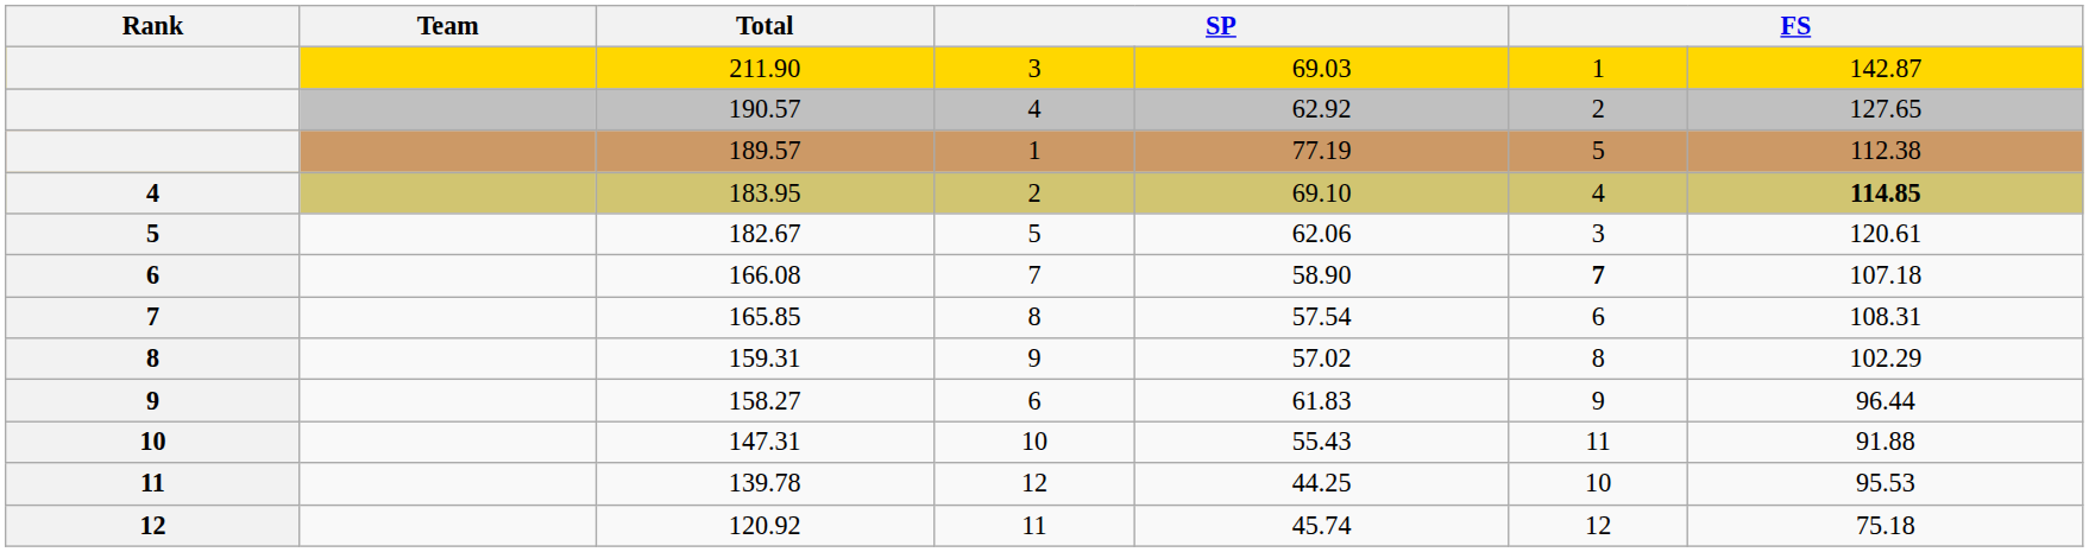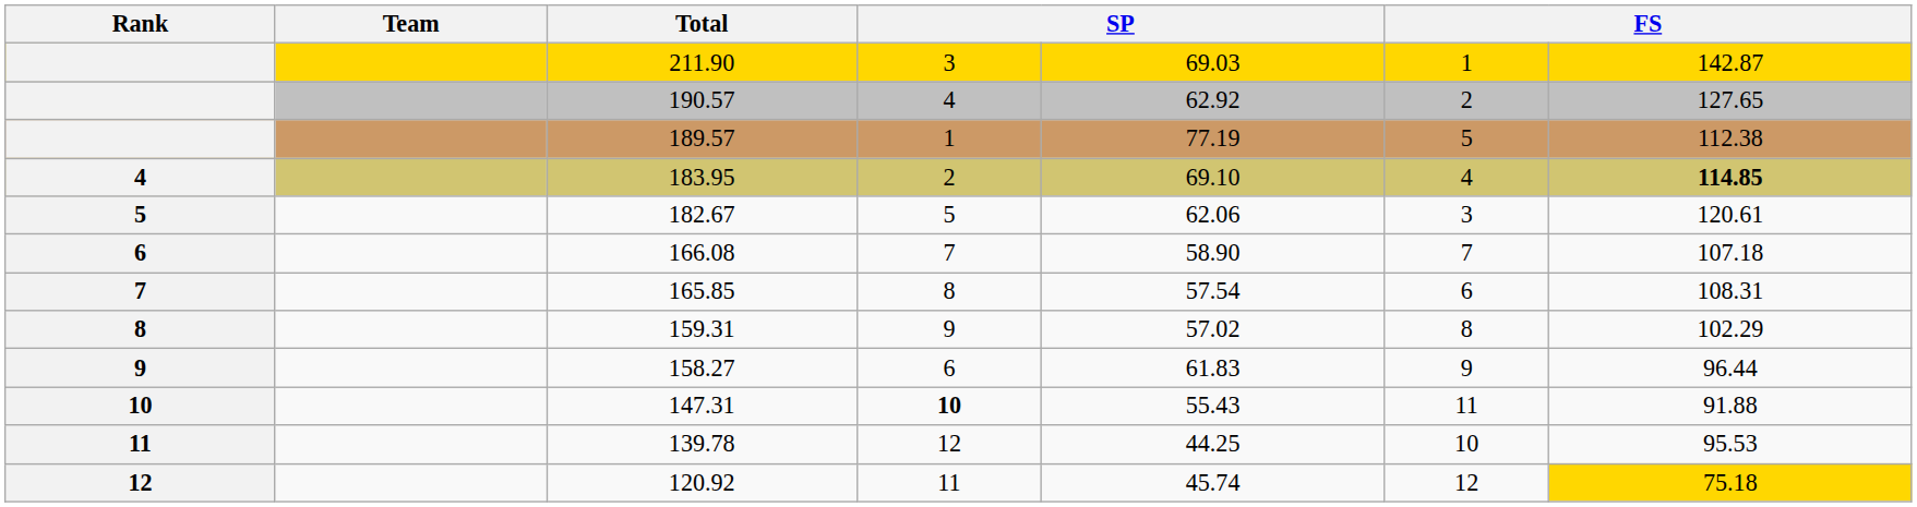 <table class="wikitable sortable" style="text-align:center; width:80%">
 <tr>
 <th scope="col">Rank</th>
 <th scope="col">Team</th>
 <th scope="col">Total</th>
 <th colspan="2" scope="col" width="80px"><a href='#'>SP</a></th>
 <th colspan="2" scope="col" width="80px"><a href='#'>FS</a></th>
 </tr>
 <tr bgcolor="gold">
 <th scope="row"></th>
 <td align="left"></td>
 <td>211.90</td>
 <td>3</td>
 <td>69.03</td>
 <td>1</td>
 <td>142.87</td>
 </tr>
 <tr bgcolor="silver">
 <th scope="row"></th>
 <td align="left"></td>
 <td>190.57</td>
 <td>4</td>
 <td>62.92</td>
 <td>2</td>
 <td>127.65</td>
 </tr>
 <tr bgcolor="cc9966">
 <th scope="row"></th>
 <td align="left"></td>
 <td>189.57</td>
 <td>1</td>
 <td>77.19</td>
 <td>5</td>
 <td>112.38</td>
 </tr>
 <tr bgcolor="#d1c571">
 <th scope="row">4</th>
 <td align="left"></td>
 <td>183.95</td>
 <td>2</td>
 <td>69.10</td>
 <td>4</td>
 <td><strong>114.85</strong></td>
 </tr>
 <tr>
 <th scope="row">5</th>
 <td align="left"></td>
 <td>182.67</td>
 <td>5</td>
 <td>62.06</td>
 <td>3</td>
 <td>120.61</td>
 </tr>
 <tr>
 <th scope="row">6</th>
 <td align="left"></td>
 <td>166.08</td>
 <td>7</td>
 <td>58.90</td>
-<td><strong>7</strong></td>
+<td>7</td>
 <td>107.18</td>
 </tr>
 <tr>
 <th scope="row">7</th>
 <td align="left"></td>
 <td>165.85</td>
 <td>8</td>
 <td>57.54</td>
 <td>6</td>
 <td>108.31</td>
 </tr>
 <tr>
 <th scope="row">8</th>
 <td align="left"></td>
 <td>159.31</td>
 <td>9</td>
 <td>57.02</td>
 <td>8</td>
 <td>102.29</td>
 </tr>
 <tr>
 <th scope="row">9</th>
 <td align="left"></td>
 <td>158.27</td>
 <td>6</td>
 <td>61.83</td>
 <td>9</td>
 <td>96.44</td>
 </tr>
 <tr>
 <th scope="row">10</th>
 <td align="left"></td>
 <td>147.31</td>
-<td>10</td>
+<td><strong>10</strong></td>
 <td>55.43</td>
 <td>11</td>
 <td>91.88</td>
 </tr>
 <tr>
 <th scope="row">11</th>
 <td align="left"></td>
 <td>139.78</td>
 <td>12</td>
 <td>44.25</td>
 <td>10</td>
 <td>95.53</td>
 </tr>
 <tr>
 <th scope="row">12</th>
 <td align="left"></td>
 <td>120.92</td>
 <td>11</td>
 <td>45.74</td>
 <td>12</td>
-<td>75.18</td>
+<td style="background: gold;">75.18</td>
 </tr>
 </table>
